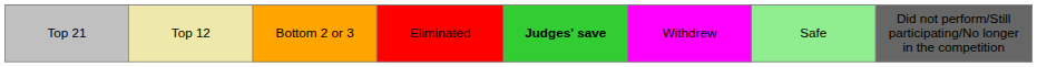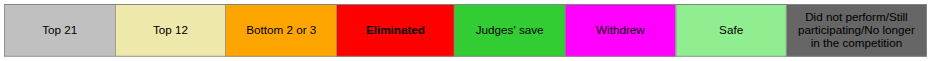 <table border="2" cellpadding="8" style="margin:1em auto; background:silver; border:1px solid gray; border-collapse:collapse; text-align:center;">
 <tr>
 </tr>
 <tr>
 <td width="7%">Top 21</td>
 <td style="background:palegoldenrod;" width="7%">Top 12</td>
 <td style="background:orange;" width="7%">Bottom 2 or 3</td>
-<td style="background:red;" width="7%">Eliminated</td>
-<td style="background:Limegreen;" width="7%"><strong>Judges' save</strong></td>
+<td style="background:red;" width="7%"><strong>Eliminated</strong></td>
+<td style="background:Limegreen;" width="7%">Judges' save</td>
 <td style="background:magenta;" width="7%">Withdrew</td>
 <td style="background:lightgreen;" width="7%">Safe</td>
 <td style="background:#666666;" width="7%">Did not perform/Still participating/No longer in the competition</td>
 </tr>
 </table>
